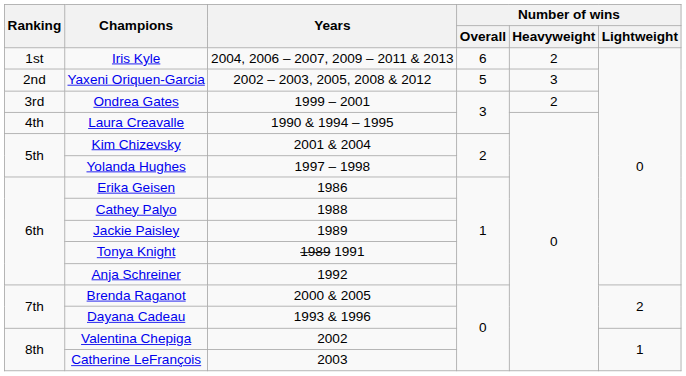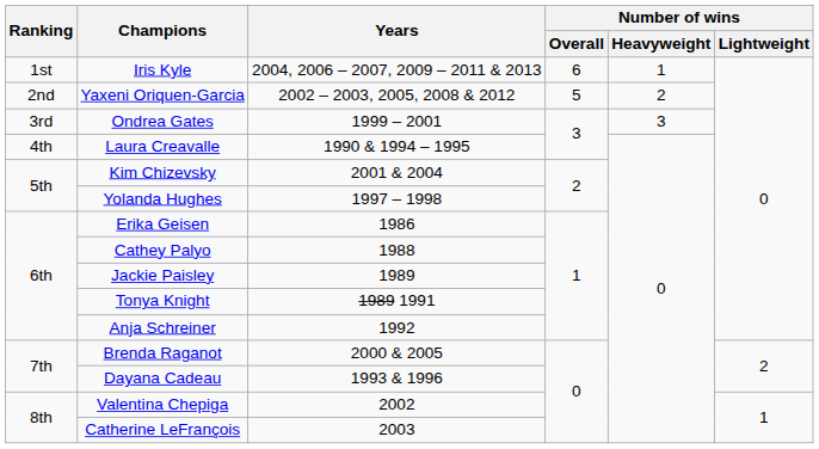 <table class="wikitable sortable" " style="text-align: center">
 <tr>
 <th rowspan=2 colspan=1 align="center">Ranking</th>
 <th rowspan=2 colspan=1 align="center">Champions</th>
 <th rowspan=2 colspan=1 align="center">Years</th>
 <th rowspan=1 colspan=3 align="center">Number of wins</th>
 </tr>
 <tr>
 <th>Overall</th>
 <th>Heavyweight</th>
 <th>Lightweight</th>
 </tr>
 <tr>
 <td>1st</td>
 <td> <a href='#'>Iris Kyle</a></td>
 <td>2004, 2006 – 2007, 2009 – 2011 & 2013</td>
 <td>6</td>
-<td>2</td>
+<td>1</td>
 <td rowspan=11 colspan=1>0</td>
 </tr>
 <tr>
 <td>2nd</td>
 <td>  <a href='#'>Yaxeni Oriquen-Garcia</a></td>
 <td>2002 – 2003, 2005, 2008 & 2012</td>
 <td>5</td>
-<td>3</td>
+<td>2</td>
 </tr>
 <tr>
 <td>3rd</td>
 <td> <a href='#'>Ondrea Gates</a></td>
 <td>1999 – 2001</td>
 <td rowspan=2 colspan=1>3</td>
-<td>2</td>
+<td>3</td>
 </tr>
 <tr>
 <td>4th</td>
 <td> <a href='#'>Laura Creavalle</a></td>
 <td>1990 & 1994 – 1995</td>
 <td rowspan=12 colspan=1>0</td>
 </tr>
 <tr>
 <td rowspan=2 colspan=1>5th</td>
 <td> <a href='#'>Kim Chizevsky</a></td>
 <td>2001 & 2004</td>
 <td rowspan=2 colspan=1>2</td>
 </tr>
 <tr>
 <td> <a href='#'>Yolanda Hughes</a></td>
 <td>1997 – 1998</td>
 </tr>
 <tr>
 <td rowspan=5 colspan=1>6th</td>
 <td> <a href='#'>Erika Geisen</a></td>
 <td>1986</td>
 <td rowspan=5 colspan=1>1</td>
 </tr>
 <tr>
 <td> <a href='#'>Cathey Palyo</a></td>
 <td>1988</td>
 </tr>
 <tr>
 <td> <a href='#'>Jackie Paisley</a></td>
 <td>1989</td>
 </tr>
 <tr>
 <td> <a href='#'>Tonya Knight</a></td>
 <td><s>1989</s> 1991 </td>
 </tr>
 <tr>
 <td> <a href='#'>Anja Schreiner</a></td>
 <td>1992</td>
 </tr>
 <tr>
 <td rowspan=2 colspan=1>7th</td>
 <td> <a href='#'>Brenda Raganot</a></td>
 <td>2000 & 2005</td>
 <td rowspan=4 colspan=1>0</td>
 <td rowspan=2 colspan=1>2</td>
 </tr>
 <tr>
 <td> <a href='#'>Dayana Cadeau</a></td>
 <td>1993 & 1996</td>
 </tr>
 <tr>
 <td rowspan=2 colspan=1>8th</td>
 <td> <a href='#'>Valentina Chepiga</a></td>
 <td>2002</td>
 <td rowspan=2 colspan=1>1</td>
 </tr>
 <tr>
 <td> <a href='#'>Catherine LeFrançois</a></td>
 <td>2003</td>
 </tr>
 </table>
